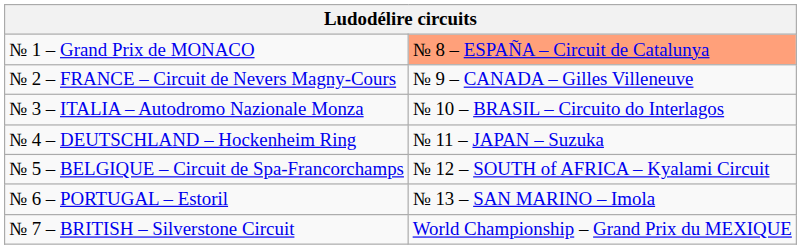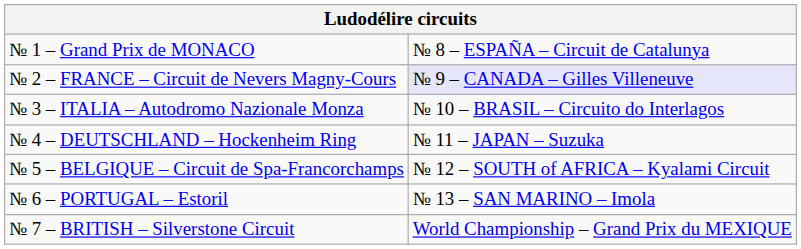 <table class="wikitable">
 <tr>
 <th colspan="2">Ludodélire circuits</th>
 </tr>
 <tr>
 <td>№ 1 – <a href='#'>Grand Prix de MONACO</a></td>
-<td style="background: lightsalmon;">№ 8 – <a href='#'>ESPAÑA – Circuit de Catalunya</a></td>
+<td>№ 8 – <a href='#'>ESPAÑA – Circuit de Catalunya</a></td>
 </tr>
 <tr>
 <td>№ 2 – <a href='#'>FRANCE – Circuit de Nevers Magny-Cours</a></td>
-<td>№ 9 – <a href='#'>CANADA – Gilles Villeneuve</a></td>
+<td style="background: lavender;">№ 9 – <a href='#'>CANADA – Gilles Villeneuve</a></td>
 </tr>
 <tr>
 <td>№ 3 – <a href='#'>ITALIA – Autodromo Nazionale Monza</a></td>
 <td>№ 10 – <a href='#'>BRASIL – Circuito do Interlagos</a></td>
 </tr>
 <tr>
 <td>№ 4 – <a href='#'>DEUTSCHLAND – Hockenheim Ring</a></td>
 <td>№ 11 – <a href='#'>JAPAN – Suzuka</a></td>
 </tr>
 <tr>
 <td>№ 5 – <a href='#'>BELGIQUE – Circuit de Spa-Francorchamps</a></td>
 <td>№ 12 – <a href='#'>SOUTH of AFRICA – Kyalami Circuit</a></td>
 </tr>
 <tr>
 <td>№ 6 – <a href='#'>PORTUGAL – Estoril</a></td>
 <td>№ 13 – <a href='#'>SAN MARINO – Imola</a></td>
 </tr>
 <tr>
 <td>№ 7 – <a href='#'>BRITISH – Silverstone Circuit</a></td>
 <td><a href='#'>World Championship</a> – <a href='#'>Grand Prix du MEXIQUE</a></td>
 </tr>
 </table>
